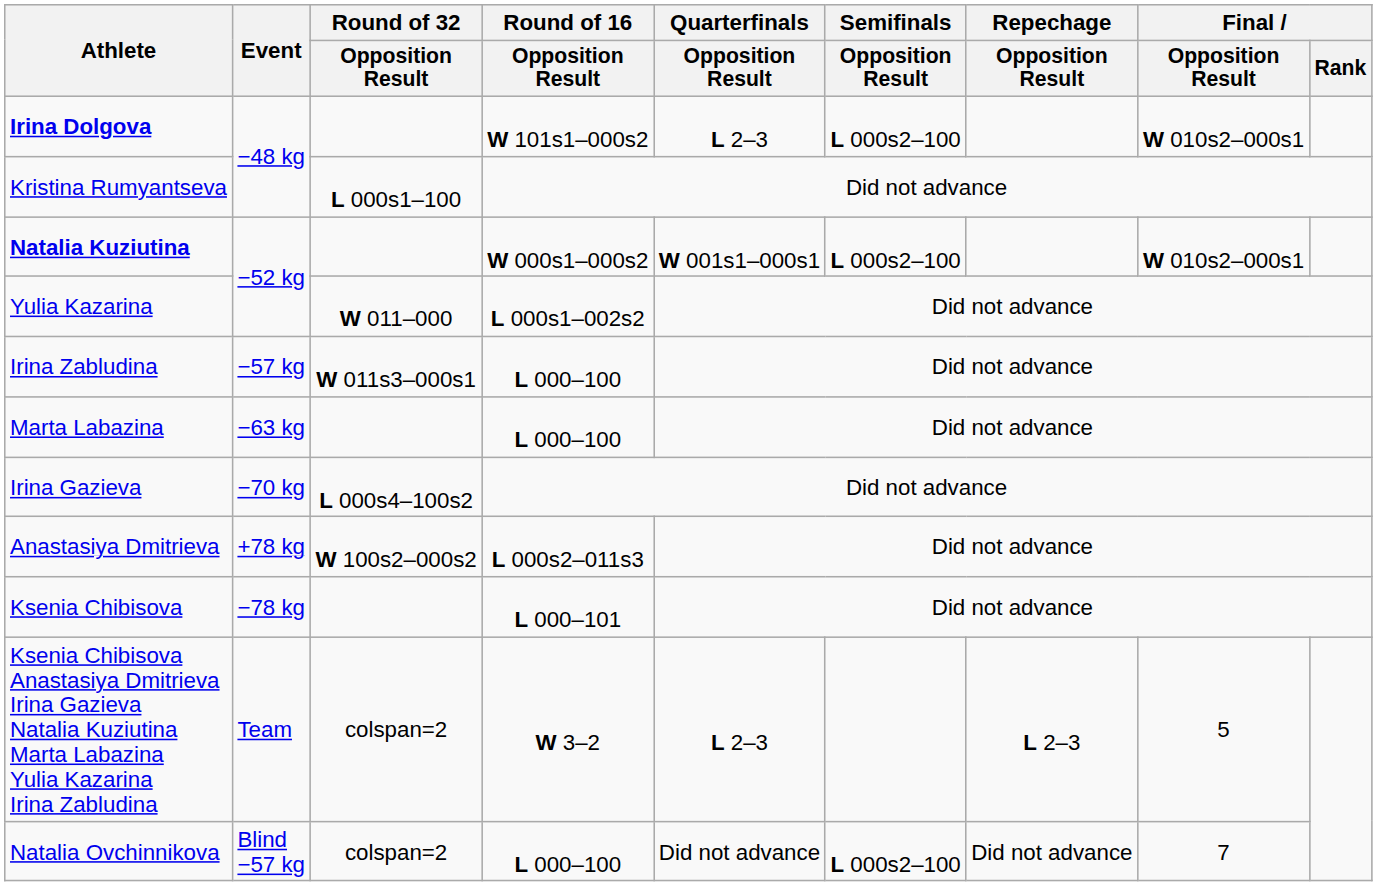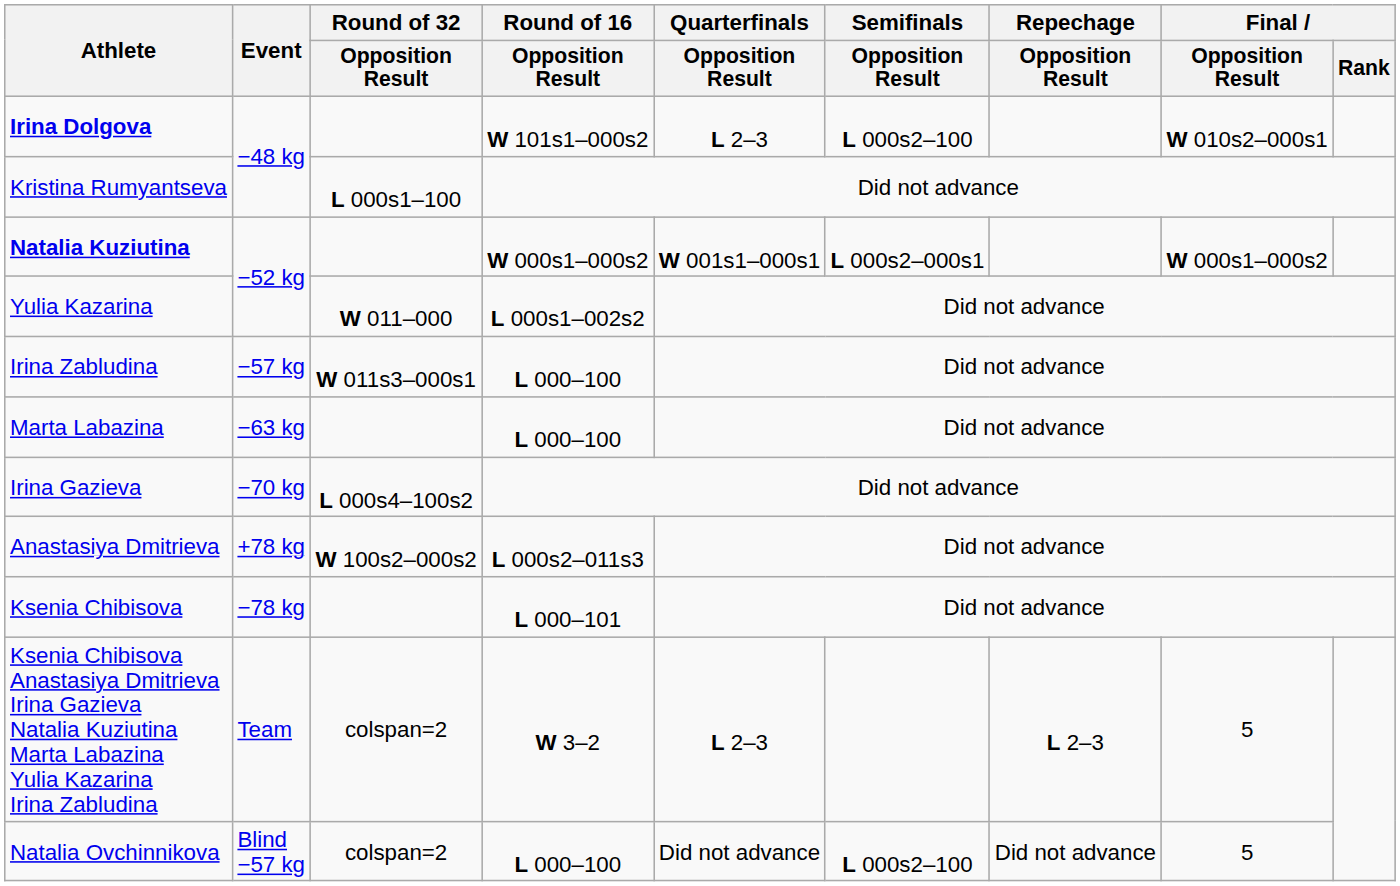 <table class="wikitable" style="text-align:center; font-size:90%">
 <tr>
 <th rowspan=2>Athlete</th>
 <th rowspan=2>Event</th>
 <th>Round of 32</th>
 <th>Round of 16</th>
 <th>Quarterfinals</th>
 <th>Semifinals</th>
 <th>Repechage</th>
 <th colspan=2>Final / </th>
 </tr>
 <tr style="font-size:95%">
 <th>Opposition<br>Result</th>
 <th>Opposition<br>Result</th>
 <th>Opposition<br>Result</th>
 <th>Opposition<br>Result</th>
 <th>Opposition<br>Result</th>
 <th>Opposition<br>Result</th>
 <th>Rank</th>
 </tr>
 <tr>
 <td align=left><strong><a href='#'>Irina Dolgova</a></strong></td>
 <td rowspan=2 align=left><a href='#'>−48 kg</a></td>
 <td></td>
 <td><br><strong>W</strong> 101s1–000s2</td>
 <td><br><strong>L</strong> 2–3</td>
 <td><br><strong>L</strong> 000s2–100</td>
 <td></td>
 <td><br><strong>W</strong> 010s2–000s1</td>
 <td></td>
 </tr>
 <tr>
 <td align=left><a href='#'>Kristina Rumyantseva</a></td>
 <td><br><strong>L</strong> 000s1–100</td>
 <td colspan=6>Did not advance</td>
 </tr>
 <tr>
 <td align=left><strong><a href='#'>Natalia Kuziutina</a></strong></td>
 <td rowspan=2 align=left><a href='#'>−52 kg</a></td>
 <td></td>
 <td><br><strong>W</strong> 000s1–000s2</td>
 <td><br><strong>W</strong> 001s1–000s1</td>
-<td><br><strong>L</strong> 000s2–100</td>
+<td><br><strong>L</strong> 000s2–000s1</td>
 <td></td>
-<td><br><strong>W</strong> 010s2–000s1</td>
+<td><br><strong>W</strong> 000s1–000s2</td>
 <td></td>
 </tr>
 <tr>
 <td align=left><a href='#'>Yulia Kazarina</a></td>
 <td><br><strong>W</strong> 011–000</td>
 <td><br><strong>L</strong> 000s1–002s2</td>
 <td colspan=5>Did not advance</td>
 </tr>
 <tr>
 <td align=left><a href='#'>Irina Zabludina</a></td>
 <td align=left><a href='#'>−57 kg</a></td>
 <td><br><strong>W</strong> 011s3–000s1</td>
 <td><br><strong>L</strong> 000–100</td>
 <td colspan=5>Did not advance</td>
 </tr>
 <tr>
 <td align=left><a href='#'>Marta Labazina</a></td>
 <td align=left><a href='#'>−63 kg</a></td>
 <td></td>
 <td><br><strong>L</strong> 000–100</td>
 <td colspan=5>Did not advance</td>
 </tr>
 <tr>
 <td align=left><a href='#'>Irina Gazieva</a></td>
 <td align=left><a href='#'>−70 kg</a></td>
 <td><br><strong>L</strong> 000s4–100s2</td>
 <td colspan=6>Did not advance</td>
 </tr>
 <tr>
 <td align=left><a href='#'>Anastasiya Dmitrieva</a></td>
 <td align=left><a href='#'>+78 kg</a></td>
 <td><br><strong>W</strong> 100s2–000s2</td>
 <td><br><strong>L</strong> 000s2–011s3</td>
 <td colspan=5>Did not advance</td>
 </tr>
 <tr>
 <td align=left><a href='#'>Ksenia Chibisova</a></td>
 <td align=left><a href='#'>−78 kg</a></td>
 <td></td>
 <td><br><strong>L</strong> 000–101</td>
 <td colspan=5>Did not advance</td>
 </tr>
 <tr>
 <td align=left><a href='#'>Ksenia Chibisova</a><br><a href='#'>Anastasiya Dmitrieva</a><br><a href='#'>Irina Gazieva</a><br><a href='#'>Natalia Kuziutina</a><br><a href='#'>Marta Labazina</a><br><a href='#'>Yulia Kazarina</a><br><a href='#'>Irina Zabludina</a></td>
 <td align=left><a href='#'>Team</a></td>
 <td>colspan=2 </td>
 <td><br><strong>W</strong> 3–2</td>
 <td><br><strong>L</strong> 2–3</td>
 <td></td>
 <td><br><strong>L</strong> 2–3</td>
 <td>5</td>
 </tr>
 <tr>
 <td align=left><a href='#'>Natalia Ovchinnikova</a></td>
 <td align=left><a href='#'>Blind<br>−57 kg</a></td>
 <td>colspan=2 </td>
 <td><br><strong>L</strong> 000–100</td>
 <td>Did not advance</td>
 <td><br><strong>L</strong> 000s2–100</td>
 <td>Did not advance</td>
-<td>7</td>
+<td>5</td>
 </tr>
 </table>
